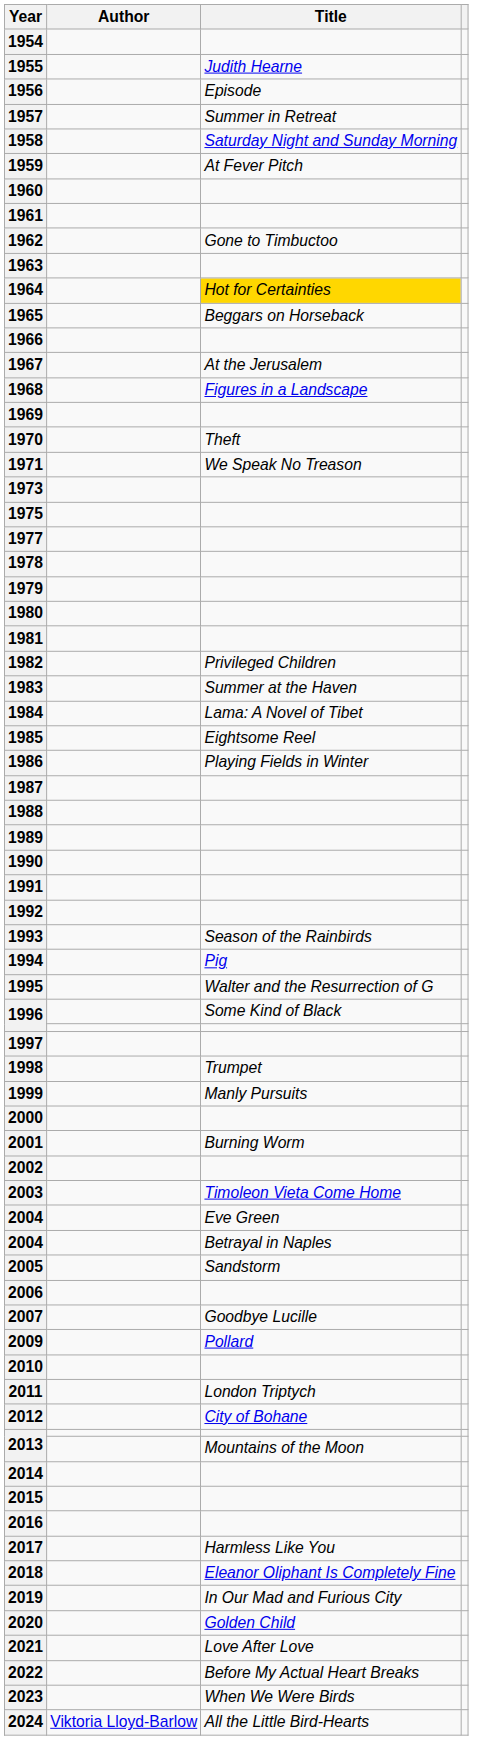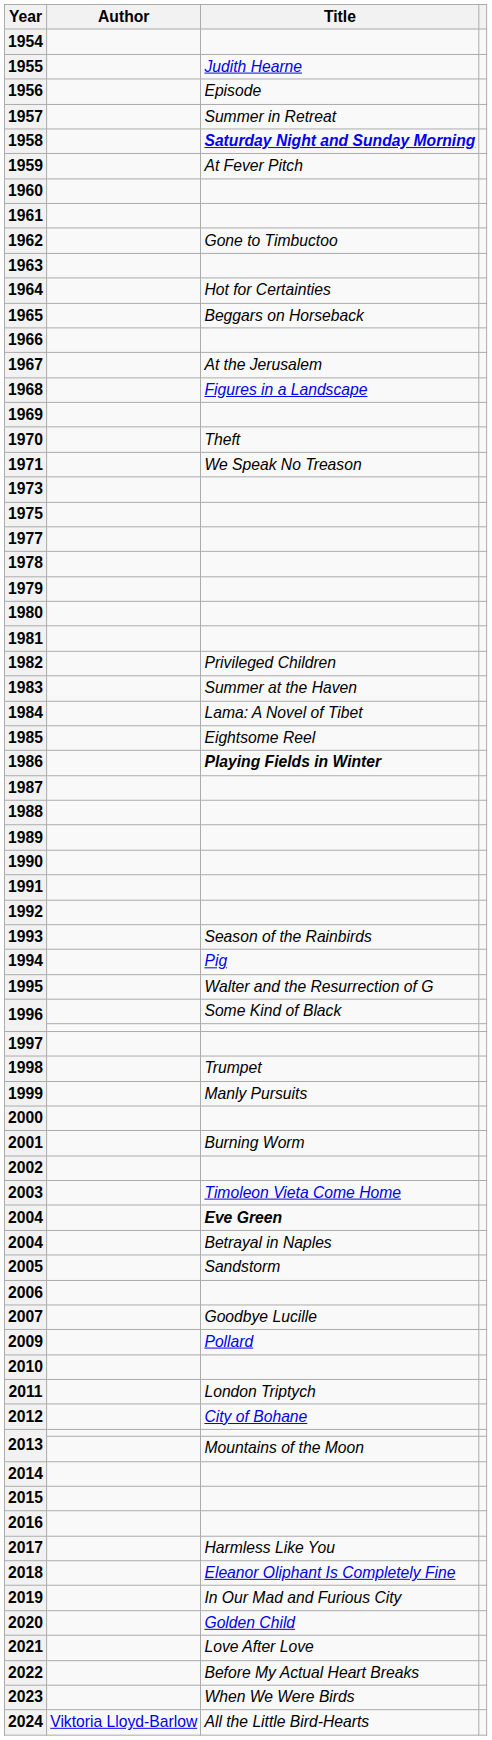 <table class="wikitable sortable">
 <tr>
 <th>Year</th>
 <th>Author</th>
 <th>Title</th>
 <th></th>
 </tr>
 <tr>
 <th>1954</th>
 <td></td>
 <td><em></em></td>
 <td></td>
 </tr>
 <tr>
 <th>1955</th>
 <td></td>
 <td><em><a href='#'>Judith Hearne</a></em></td>
 <td></td>
 </tr>
 <tr>
 <th>1956</th>
 <td></td>
 <td><em>Episode</em></td>
 <td></td>
 </tr>
 <tr>
 <th>1957</th>
 <td></td>
 <td><em>Summer in Retreat</em></td>
 <td></td>
 </tr>
 <tr>
 <th>1958</th>
 <td></td>
-<td><em><a href='#'>Saturday Night and Sunday Morning</a></em></td>
+<td><strong><em><a href='#'>Saturday Night and Sunday Morning</a></em></strong></td>
 <td></td>
 </tr>
 <tr>
 <th>1959</th>
 <td></td>
 <td><em>At Fever Pitch</em></td>
 <td></td>
 </tr>
 <tr>
 <th>1960</th>
 <td></td>
 <td><em></em></td>
 <td></td>
 </tr>
 <tr>
 <th>1961</th>
 <td></td>
 <td><em></em></td>
 <td></td>
 </tr>
 <tr>
 <th>1962</th>
 <td></td>
 <td><em>Gone to Timbuctoo</em></td>
 <td></td>
 </tr>
 <tr>
 <th>1963</th>
 <td></td>
 <td><em></em></td>
 <td></td>
 </tr>
 <tr>
 <th>1964</th>
 <td></td>
-<td style="background: gold;"><em>Hot for Certainties</em></td>
+<td><em>Hot for Certainties</em></td>
 <td></td>
 </tr>
 <tr>
 <th>1965</th>
 <td></td>
 <td><em>Beggars on Horseback</em></td>
 <td></td>
 </tr>
 <tr>
 <th>1966</th>
 <td></td>
 <td><em></em></td>
 <td></td>
 </tr>
 <tr>
 <th>1967</th>
 <td></td>
 <td><em>At the Jerusalem</em></td>
 <td></td>
 </tr>
 <tr>
 <th>1968</th>
 <td></td>
 <td><em><a href='#'>Figures in a Landscape</a></em></td>
 <td></td>
 </tr>
 <tr>
 <th>1969</th>
 <td></td>
 <td><em></em></td>
 <td></td>
 </tr>
 <tr>
 <th>1970</th>
 <td></td>
 <td><em>Theft</em></td>
 <td></td>
 </tr>
 <tr>
 <th>1971</th>
 <td></td>
 <td><em>We Speak No Treason</em></td>
 <td></td>
 </tr>
 <tr>
 <th>1973</th>
 <td></td>
 <td><em></em></td>
 <td></td>
 </tr>
 <tr>
 <th>1975</th>
 <td></td>
 <td><em></em></td>
 <td></td>
 </tr>
 <tr>
 <th>1977</th>
 <td></td>
 <td><em></em></td>
 <td></td>
 </tr>
 <tr>
 <th>1978</th>
 <td></td>
 <td><em></em></td>
 <td></td>
 </tr>
 <tr>
 <th>1979</th>
 <td></td>
 <td><em></em></td>
 <td></td>
 </tr>
 <tr>
 <th>1980</th>
 <td></td>
 <td><em></em></td>
 <td></td>
 </tr>
 <tr>
 <th>1981</th>
 <td></td>
 <td><em></em></td>
 <td></td>
 </tr>
 <tr>
 <th>1982</th>
 <td></td>
 <td><em>Privileged Children</em></td>
 <td></td>
 </tr>
 <tr>
 <th>1983</th>
 <td></td>
 <td><em>Summer at the Haven</em></td>
 <td></td>
 </tr>
 <tr>
 <th>1984</th>
 <td></td>
 <td><em>Lama: A Novel of Tibet</em></td>
 <td></td>
 </tr>
 <tr>
 <th>1985</th>
 <td></td>
 <td><em>Eightsome Reel</em></td>
 <td></td>
 </tr>
 <tr>
 <th>1986</th>
 <td></td>
-<td><em>Playing Fields in Winter</em></td>
+<td><strong><em>Playing Fields in Winter</em></strong></td>
 <td></td>
 </tr>
 <tr>
 <th>1987</th>
 <td></td>
 <td><em></em></td>
 <td></td>
 </tr>
 <tr>
 <th>1988</th>
 <td></td>
 <td><em></em></td>
 <td></td>
 </tr>
 <tr>
 <th>1989</th>
 <td></td>
 <td><em></em></td>
 <td></td>
 </tr>
 <tr>
 <th>1990</th>
 <td></td>
 <td><em></em></td>
 <td></td>
 </tr>
 <tr>
 <th>1991</th>
 <td></td>
 <td><em></em></td>
 <td></td>
 </tr>
 <tr>
 <th>1992</th>
 <td></td>
 <td><em></em></td>
 <td></td>
 </tr>
 <tr>
 <th>1993</th>
 <td></td>
 <td><em>Season of the Rainbirds</em></td>
 <td></td>
 </tr>
 <tr>
 <th>1994</th>
 <td></td>
 <td><a href='#'><em>Pig</em></a></td>
 <td></td>
 </tr>
 <tr>
 <th>1995</th>
 <td></td>
 <td><em>Walter and the Resurrection of G</em></td>
 <td></td>
 </tr>
 <tr>
 <th rowspan="2">1996</th>
 <td></td>
 <td><em>Some Kind of Black</em></td>
 <td></td>
 </tr>
 <tr>
 <td></td>
 <td><em></em></td>
 <td></td>
 </tr>
 <tr>
 <th>1997</th>
 <td></td>
 <td><em></em></td>
 <td></td>
 </tr>
 <tr>
 <th>1998</th>
 <td></td>
 <td><em>Trumpet</em></td>
 <td></td>
 </tr>
 <tr>
 <th>1999</th>
 <td></td>
 <td><em>Manly Pursuits</em></td>
 <td></td>
 </tr>
 <tr>
 <th>2000</th>
 <td></td>
 <td><em></em></td>
 <td></td>
 </tr>
 <tr>
 <th>2001</th>
 <td></td>
 <td><em>Burning Worm</em></td>
 <td></td>
 </tr>
 <tr>
 <th>2002</th>
 <td></td>
 <td><em></em></td>
 <td></td>
 </tr>
 <tr>
 <th>2003</th>
 <td></td>
 <td><em><a href='#'>Timoleon Vieta Come Home</a></em></td>
 <td></td>
 </tr>
 <tr>
 <th>2004</th>
 <td></td>
-<td><em>Eve Green</em></td>
+<td><strong><em>Eve Green</em></strong></td>
 <td></td>
 </tr>
 <tr>
 <th>2004</th>
 <td></td>
 <td><em>Betrayal in Naples</em></td>
 <td></td>
 </tr>
 <tr>
 <th>2005</th>
 <td></td>
 <td><em>Sandstorm</em></td>
 <td></td>
 </tr>
 <tr>
 <th>2006</th>
 <td></td>
 <td><em></em></td>
 <td></td>
 </tr>
 <tr>
 <th>2007</th>
 <td></td>
 <td><em>Goodbye Lucille</em></td>
 <td></td>
 </tr>
 <tr>
 <th>2009</th>
 <td></td>
 <td><a href='#'><em>Pollard</em></a></td>
 <td></td>
 </tr>
 <tr>
 <th>2010</th>
 <td></td>
 <td><em></em></td>
 <td></td>
 </tr>
 <tr>
 <th>2011</th>
 <td></td>
 <td><em>London Triptych</em></td>
 <td></td>
 </tr>
 <tr>
 <th>2012</th>
 <td></td>
 <td><em><a href='#'>City of Bohane</a></em></td>
 <td></td>
 </tr>
 <tr>
 <th rowspan="2">2013</th>
 <td></td>
 <td><em></em></td>
 <td></td>
 </tr>
 <tr>
 <td></td>
 <td><em>Mountains of the Moon</em></td>
 <td></td>
 </tr>
 <tr>
 <th>2014</th>
 <td></td>
 <td><em></em></td>
 <td></td>
 </tr>
 <tr>
 <th>2015</th>
 <td></td>
 <td><em></em></td>
 <td></td>
 </tr>
 <tr>
 <th>2016</th>
 <td></td>
 <td><em></em></td>
 <td></td>
 </tr>
 <tr>
 <th>2017</th>
 <td></td>
 <td><em>Harmless Like You</em></td>
 <td></td>
 </tr>
 <tr>
 <th>2018</th>
 <td></td>
 <td><em><a href='#'>Eleanor Oliphant Is Completely Fine</a></em></td>
 <td></td>
 </tr>
 <tr>
 <th>2019</th>
 <td></td>
 <td><em>In Our Mad and Furious City</em></td>
 <td></td>
 </tr>
 <tr>
 <th>2020</th>
 <td></td>
 <td><a href='#'><em>Golden Child</em></a></td>
 <td></td>
 </tr>
 <tr>
 <th>2021</th>
 <td></td>
 <td><em>Love After Love</em></td>
 <td></td>
 </tr>
 <tr>
 <th>2022</th>
 <td></td>
 <td><em>Before My Actual Heart Breaks</em></td>
 <td></td>
 </tr>
 <tr>
 <th>2023</th>
 <td></td>
 <td><em>When We Were Birds</em></td>
 <td></td>
 </tr>
 <tr>
 <th>2024</th>
 <td><a href='#'>Viktoria Lloyd-Barlow</a></td>
 <td><em>All the Little Bird-Hearts</em></td>
 <td></td>
 </tr>
 </table>
